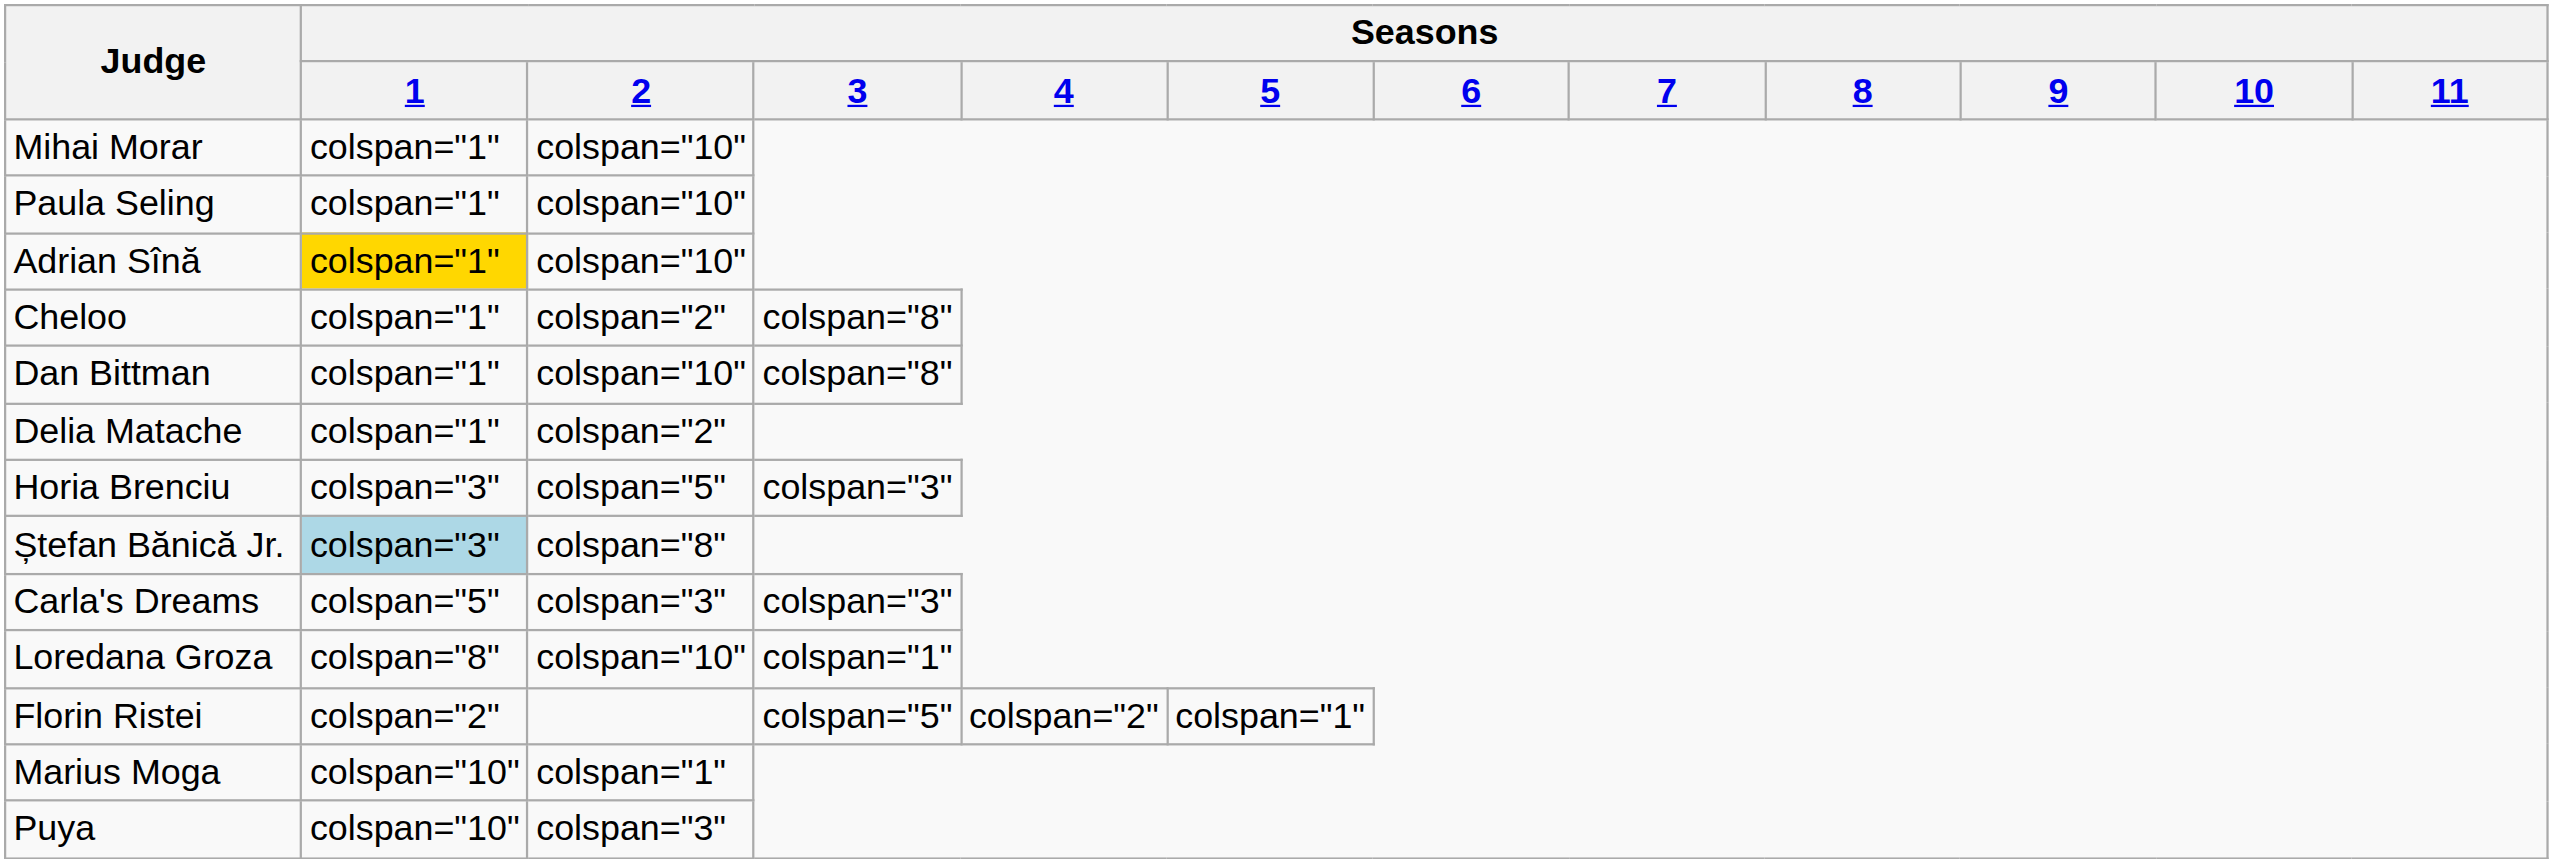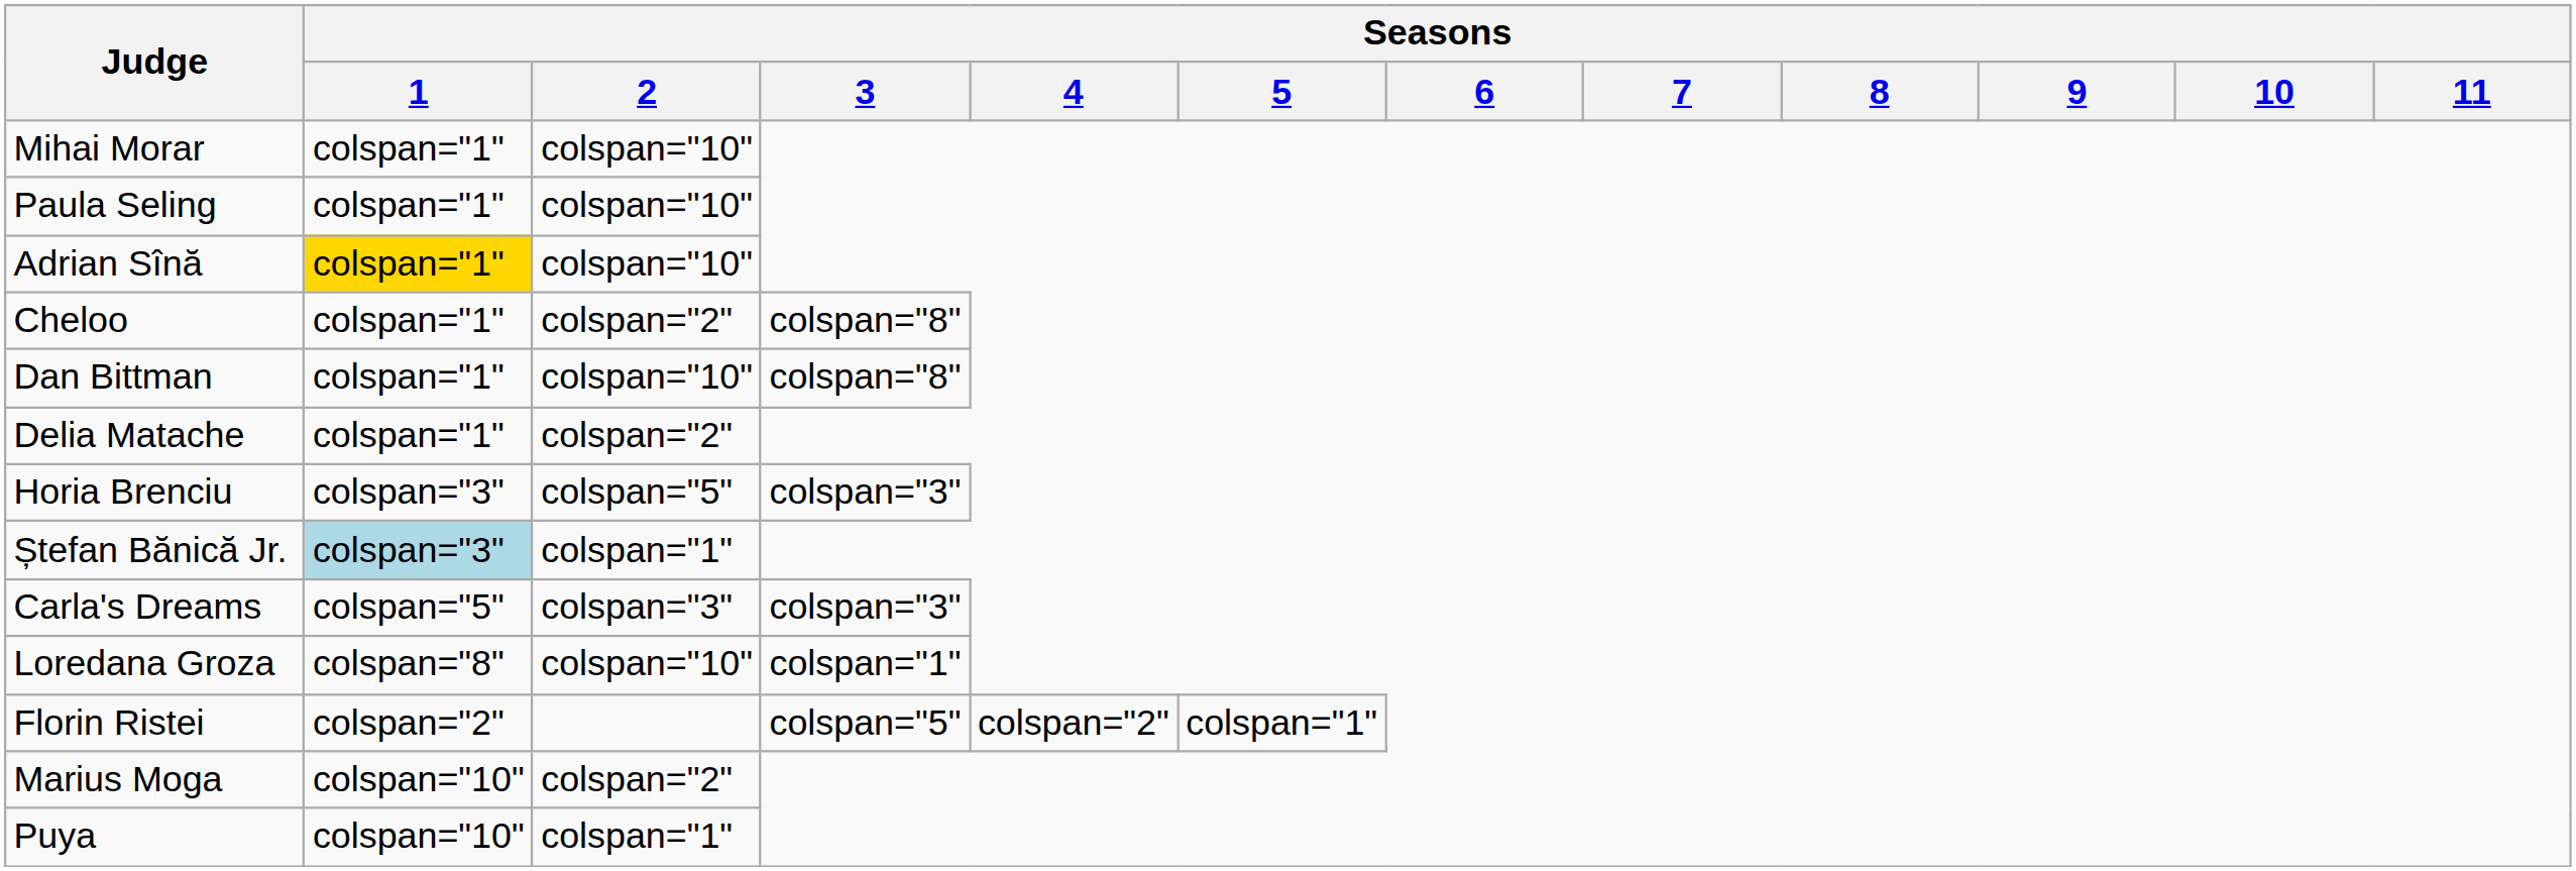 <table class="wikitable" width:"80%">
 <tr>
 <th rowspan="2"  width="125">Judge</th>
 <th colspan=11 style=text-align:center;>Seasons</th>
 </tr>
 <tr>
 <th ! width="80"><a href='#'>1</a></th>
 <th width="80"><a href='#'>2</a></th>
 <th width="80"><a href='#'>3</a></th>
 <th width="80"><a href='#'>4</a></th>
 <th width="80"><a href='#'>5</a></th>
 <th width="80"><a href='#'>6</a></th>
 <th width="80"><a href='#'>7</a></th>
 <th width="80"><a href='#'>8</a></th>
 <th width="80"><a href='#'>9</a></th>
 <th width="80"><a href='#'>10</a></th>
 <th width="80"><a href='#'>11</a></th>
 </tr>
 <tr>
 <td>Mihai Morar</td>
 <td>colspan="1" </td>
 <td>colspan="10" </td>
 </tr>
 <tr>
 <td>Paula Seling</td>
 <td>colspan="1" </td>
 <td>colspan="10" </td>
 </tr>
 <tr>
 <td>Adrian Sînă</td>
 <td style="background: gold;">colspan="1" </td>
 <td>colspan="10" </td>
 </tr>
 <tr>
 <td>Cheloo</td>
 <td>colspan="1" </td>
 <td>colspan="2" </td>
 <td>colspan="8" </td>
 </tr>
 <tr>
 <td>Dan Bittman</td>
 <td>colspan="1" </td>
 <td>colspan="10" </td>
 <td>colspan="8" </td>
 </tr>
 <tr>
 <td>Delia Matache</td>
 <td>colspan="1" </td>
 <td>colspan="2" </td>
 </tr>
 <tr>
 <td>Horia Brenciu</td>
 <td>colspan="3" </td>
 <td>colspan="5" </td>
 <td>colspan="3" </td>
 </tr>
 <tr>
 <td>Ștefan Bănică Jr.</td>
 <td style="background: lightblue;">colspan="3" </td>
-<td>colspan="8" </td>
+<td>colspan="1" </td>
 </tr>
 <tr>
 <td>Carla's Dreams</td>
 <td>colspan="5" </td>
 <td>colspan="3" </td>
 <td>colspan="3" </td>
 </tr>
 <tr>
 <td>Loredana Groza</td>
 <td>colspan="8" </td>
 <td>colspan="10" </td>
 <td>colspan="1" </td>
 </tr>
 <tr>
 <td>Florin Ristei</td>
 <td>colspan="2" </td>
 <td></td>
 <td>colspan="5" </td>
 <td>colspan="2" </td>
 <td>colspan="1" </td>
 </tr>
 <tr>
 <td>Marius Moga</td>
 <td>colspan="10" </td>
-<td>colspan="1" </td>
+<td>colspan="2" </td>
 </tr>
 <tr>
 <td>Puya</td>
 <td>colspan="10" </td>
-<td>colspan="3" </td>
+<td>colspan="1" </td>
 </tr>
 </table>
